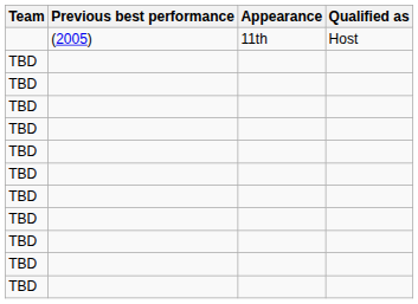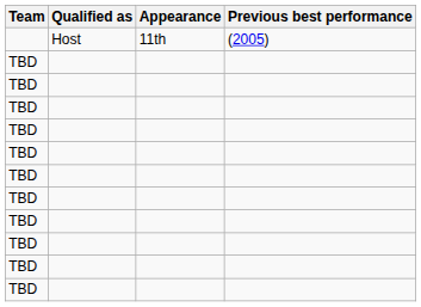 <table class="wikitable sortable">
 <tr>
 <th>Team</th>
+<th>Qualified as</th>
+<th data-sort-type="number">Appearance</th>
 <th>Previous best performance</th>
-<th data-sort-type="number">Appearance</th>
-<th>Qualified as</th>
 </tr>
 <tr>
 <td></td>
+<td>Host</td>
+<td>11th</td>
 <td> (<a href='#'>2005</a>)</td>
-<td>11th</td>
-<td>Host</td>
 </tr>
 <tr>
 <td>TBD</td>
 <td></td>
 <td></td>
 <td></td>
 </tr>
 <tr>
 <td>TBD</td>
 <td></td>
 <td></td>
 <td></td>
 </tr>
 <tr>
 <td>TBD</td>
 <td></td>
 <td></td>
 <td></td>
 </tr>
 <tr>
 <td>TBD</td>
 <td></td>
 <td></td>
 <td></td>
 </tr>
 <tr>
 <td>TBD</td>
 <td></td>
 <td></td>
 <td></td>
 </tr>
 <tr>
 <td>TBD</td>
 <td></td>
 <td></td>
 <td></td>
 </tr>
 <tr>
 <td>TBD</td>
 <td></td>
 <td></td>
 <td></td>
 </tr>
 <tr>
 <td>TBD</td>
 <td></td>
 <td></td>
 <td></td>
 </tr>
 <tr>
 <td>TBD</td>
 <td></td>
 <td></td>
 <td></td>
 </tr>
 <tr>
 <td>TBD</td>
 <td></td>
 <td></td>
 <td></td>
 </tr>
 <tr>
 <td>TBD</td>
 <td></td>
 <td></td>
 <td></td>
 </tr>
 </table>
